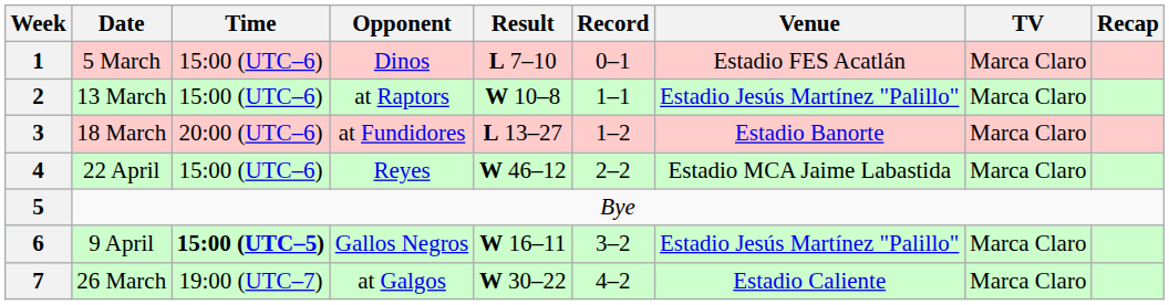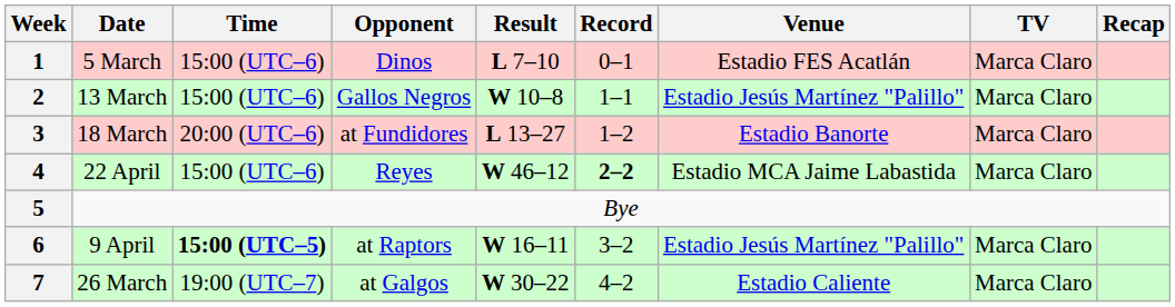 <table class="wikitable" style="text-align:center">
 <tr>
 <th>Week</th>
 <th>Date</th>
 <th>Time</th>
 <th>Opponent</th>
 <th>Result</th>
 <th>Record</th>
 <th>Venue</th>
 <th>TV</th>
 <th>Recap</th>
 </tr>
 <tr style="background:#fcc">
 <th>1</th>
 <td>5 March</td>
 <td>15:00 (<a href='#'>UTC–6</a>)</td>
 <td><a href='#'>Dinos</a></td>
 <td><strong>L</strong> 7–10</td>
 <td>0–1</td>
 <td>Estadio FES Acatlán</td>
 <td>Marca Claro</td>
 <td></td>
 </tr>
 <tr style="background:#cfc">
 <th>2</th>
 <td>13 March</td>
 <td>15:00 (<a href='#'>UTC–6</a>)</td>
-<td>at <a href='#'>Raptors</a></td>
+<td><a href='#'>Gallos Negros</a></td>
 <td><strong>W</strong> 10–8</td>
 <td>1–1</td>
 <td><a href='#'>Estadio Jesús Martínez "Palillo"</a></td>
 <td>Marca Claro</td>
 <td></td>
 </tr>
 <tr style="background:#fcc">
 <th>3</th>
 <td>18 March</td>
 <td>20:00 (<a href='#'>UTC–6</a>)</td>
 <td>at <a href='#'>Fundidores</a></td>
 <td><strong>L</strong> 13–27</td>
 <td>1–2</td>
 <td><a href='#'>Estadio Banorte</a></td>
 <td>Marca Claro</td>
 <td></td>
 </tr>
 <tr style="background:#cfc">
 <th>4</th>
 <td>22 April</td>
 <td>15:00 (<a href='#'>UTC–6</a>)</td>
 <td><a href='#'>Reyes</a></td>
 <td><strong>W</strong> 46–12</td>
-<td>2–2</td>
+<td><strong>2–2</strong></td>
 <td>Estadio MCA Jaime Labastida</td>
 <td>Marca Claro</td>
 <td></td>
 </tr>
 <tr>
 <th>5</th>
 <td colspan=8><em>Bye</em></td>
 </tr>
 <tr style="background:#cfc">
 <th>6</th>
 <td>9 April</td>
 <td><strong>15:00 (<a href='#'>UTC–5</a>)</strong></td>
-<td><a href='#'>Gallos Negros</a></td>
+<td>at <a href='#'>Raptors</a></td>
 <td><strong>W</strong> 16–11</td>
 <td>3–2</td>
 <td><a href='#'>Estadio Jesús Martínez "Palillo"</a></td>
 <td>Marca Claro</td>
 <td></td>
 </tr>
 <tr style="background:#cfc">
 <th>7</th>
 <td>26 March</td>
 <td>19:00 (<a href='#'>UTC–7</a>)</td>
 <td>at <a href='#'>Galgos</a></td>
 <td><strong>W</strong> 30–22</td>
 <td>4–2</td>
 <td><a href='#'>Estadio Caliente</a></td>
 <td>Marca Claro</td>
 <td></td>
 </tr>
 </table>
